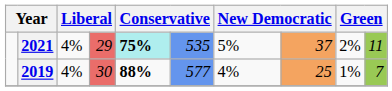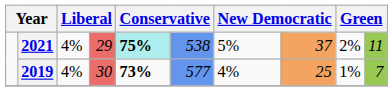 <table class="wikitable" style="float:right; width:400; font-size:90%; margin-left:1em;">
 <tr>
 <th colspan="2" scope="col">Year</th>
 <th colspan="2" scope="col"><a href='#'>Liberal</a></th>
 <th colspan="2" scope="col"><a href='#'>Conservative</a></th>
 <th colspan="2" scope="col"><a href='#'>New Democratic</a></th>
 <th colspan="2" scope="col"><a href='#'>Green</a></th>
 </tr>
 <tr>
 <td rowspan="2" style="width: 0.25em; background-color: "></td>
 <th><a href='#'>2021</a></th>
 <td>4%</td>
 <td style="text-align:right; background:#EA6D6A;"><em>29</em></td>
 <td style="background: paleturquoise;"><strong>75%</strong></td>
-<td style="text-align:right; background:#6495ED;"><em>535</em></td>
+<td style="text-align:right; background:#6495ED;"><em>538</em></td>
 <td>5%</td>
 <td style="text-align:right; background:#F4A460;"><em>37</em></td>
 <td>2%</td>
 <td style="text-align:right; background:#99C955;"><em>11</em></td>
 </tr>
 <tr>
 <th><a href='#'>2019</a></th>
 <td>4%</td>
 <td style="text-align:right; background:#EA6D6A;"><em>30</em></td>
-<td><strong>88%</strong></td>
+<td><strong>73%</strong></td>
 <td style="text-align:right; background:#6495ED;"><em>577</em></td>
 <td>4%</td>
 <td style="text-align:right; background:#F4A460;"><em>25</em></td>
 <td>1%</td>
 <td style="text-align:right; background:#99C955;"><em>7</em></td>
 </tr>
 <tr>
 </tr>
 </table>
